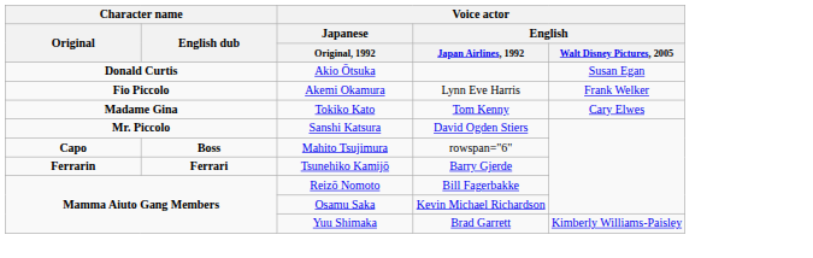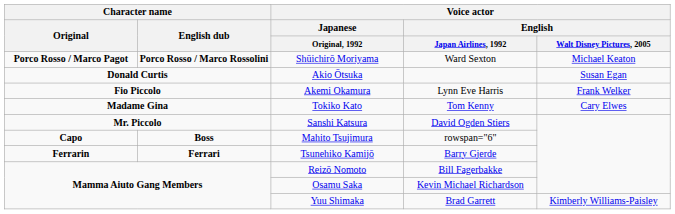 <table class="wikitable" style="text-align: center;">
 <tr>
 <th colspan="2">Character name</th>
 <th colspan="3">Voice actor</th>
 </tr>
 <tr>
 <th width="20%" rowspan="2">Original</th>
 <th width="20%" rowspan="2">English dub</th>
 <th width="20%">Japanese</th>
 <th width="40%" colspan="2">English</th>
 </tr>
 <tr>
 <th width="20%"><small>Original, 1992</small></th>
 <th width="20%"><small><a href='#'>Japan Airlines</a>, 1992</small></th>
 <th width="20%"><small><a href='#'>Walt Disney Pictures</a>, 2005</small></th>
+</tr>
+<tr>
+<td><strong>Porco Rosso / Marco Pagot</strong></td>
+<td><strong>Porco Rosso / Marco Rossolini</strong></td>
+<td><a href='#'>Shūichirō Moriyama</a></td>
+<td align="center">Ward Sexton</td>
+<td align="center"><a href='#'>Michael Keaton</a></td>
 </tr>
 <tr>
 <td colspan="2"><strong>Donald Curtis</strong></td>
 <td><a href='#'>Akio Ōtsuka</a></td>
 <td></td>
 <td><a href='#'>Susan Egan</a></td>
 </tr>
 <tr>
 <td colspan="2"><strong>Fio Piccolo</strong></td>
 <td><a href='#'>Akemi Okamura</a></td>
 <td>Lynn Eve Harris</td>
 <td><a href='#'>Frank Welker</a></td>
 </tr>
 <tr>
 <td colspan="2"><strong>Madame Gina</strong></td>
 <td><a href='#'>Tokiko Kato</a></td>
 <td><a href='#'>Tom Kenny</a></td>
 <td><a href='#'>Cary Elwes</a></td>
 </tr>
 <tr>
 <td colspan="2"><strong>Mr. Piccolo</strong></td>
 <td><a href='#'>Sanshi Katsura</a></td>
 <td><a href='#'>David Ogden Stiers</a></td>
 </tr>
 <tr>
 <td><strong>Capo</strong></td>
 <td><strong>Boss</strong></td>
 <td><a href='#'>Mahito Tsujimura</a></td>
 <td>rowspan="6" </td>
 </tr>
 <tr>
 <td><strong>Ferrarin</strong></td>
 <td><strong>Ferrari</strong></td>
 <td><a href='#'>Tsunehiko Kamijō</a></td>
 <td><a href='#'>Barry Gjerde</a></td>
 </tr>
 <tr>
 <td colspan="2" rowspan="3"><strong>Mamma Aiuto Gang Members</strong></td>
 <td><a href='#'>Reizō Nomoto</a></td>
 <td><a href='#'>Bill Fagerbakke</a></td>
 </tr>
 <tr>
 <td><a href='#'>Osamu Saka</a></td>
 <td><a href='#'>Kevin Michael Richardson</a></td>
 </tr>
 <tr>
 <td><a href='#'>Yuu Shimaka</a></td>
 <td><a href='#'>Brad Garrett</a></td>
 <td><a href='#'>Kimberly Williams-Paisley</a></td>
 </tr>
 </table>
